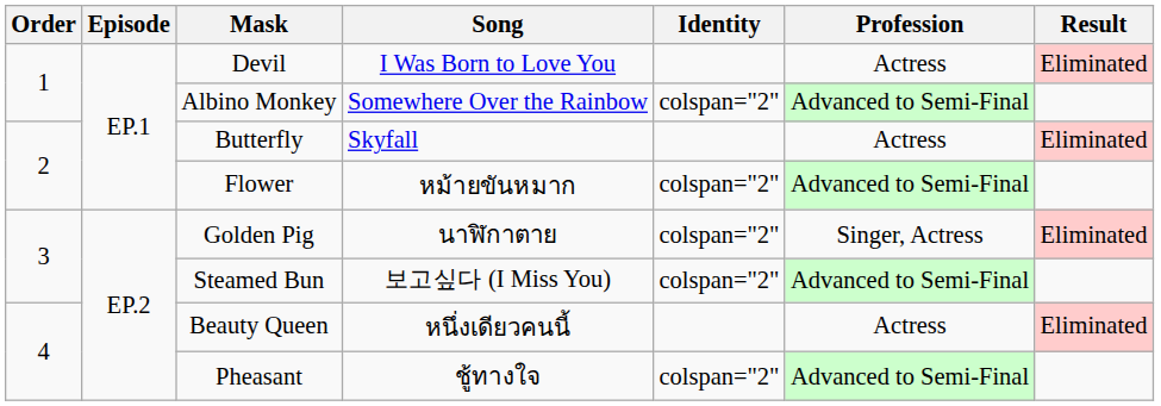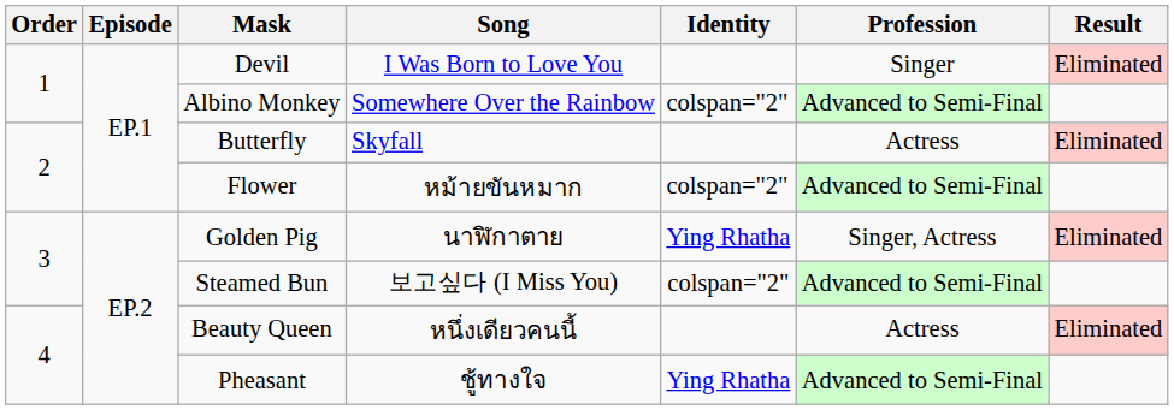 <table class="wikitable">
 <tr>
 <th>Order</th>
 <th>Episode</th>
 <th>Mask</th>
 <th>Song</th>
 <th>Identity</th>
 <th>Profession</th>
 <th>Result</th>
 </tr>
 <tr>
 <td rowspan="2" style="text-align:center;">1</td>
 <td rowspan="4" align="center">EP.1</td>
 <td style="text-align:center;">Devil</td>
 <td style="text-align:center;"><a href='#'>I Was Born to Love You</a></td>
 <td style="text-align:center;"></td>
-<td style="text-align:center;">Actress</td>
+<td style="text-align:center;">Singer</td>
 <td style="text-align:center; background:#ffcccc;">Eliminated</td>
 </tr>
 <tr>
 <td style="text-align:center;">Albino Monkey</td>
 <td style="text-align:center;"><a href='#'>Somewhere Over the Rainbow</a></td>
 <td>colspan="2"  </td>
 <td style="text-align:center; background:#ccffcc;">Advanced to Semi-Final</td>
 </tr>
 <tr>
 <td rowspan="2" style="text-align:center;">2</td>
 <td style="text-align:center;">Butterfly</td>
 <td><a href='#'>Skyfall</a></td>
 <td style="text-align:center;"></td>
 <td style="text-align:center;">Actress</td>
 <td style="text-align:center; background:#ffcccc;">Eliminated</td>
 </tr>
 <tr>
 <td style="text-align:center;">Flower</td>
 <td style="text-align:center;">หม้ายขันหมาก</td>
 <td>colspan="2"  </td>
 <td style="text-align:center; background:#ccffcc;">Advanced to Semi-Final</td>
 </tr>
 <tr style="text-align:center;">
 <td rowspan="2">3</td>
 <td rowspan="4" align="center">EP.2</td>
 <td>Golden Pig</td>
 <td style="text-align:center;">นาฬิกาตาย</td>
-<td>colspan="2"  </td>
+<td><a href='#'>Ying Rhatha</a></td>
 <td>Singer, Actress</td>
 <td style="text-align:center; background:#ffcccc;">Eliminated</td>
 </tr>
 <tr style="text-align:center;">
 <td>Steamed Bun</td>
 <td>보고싶다 (I Miss You)</td>
 <td>colspan="2"  </td>
 <td style="text-align:center; background:#ccffcc;">Advanced to Semi-Final</td>
 </tr>
 <tr style="text-align:center;">
 <td rowspan="2">4</td>
 <td>Beauty Queen</td>
 <td>หนึ่งเดียวคนนี้</td>
 <td style="text-align:center;"></td>
 <td style="text-align:center;">Actress</td>
 <td style="text-align:center; background:#ffcccc;">Eliminated</td>
 </tr>
 <tr style="text-align:center;">
 <td>Pheasant</td>
 <td>ชู้ทางใจ</td>
-<td>colspan="2"  </td>
+<td><a href='#'>Ying Rhatha</a></td>
 <td style="text-align:center; background:#ccffcc;">Advanced to Semi-Final</td>
 </tr>
 </table>
